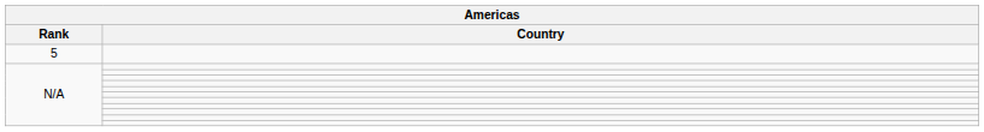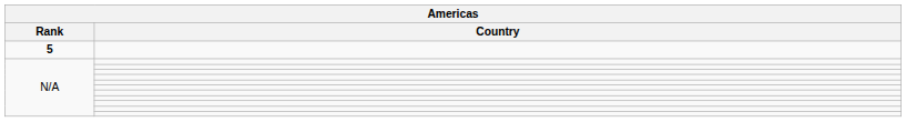 <table class="wikitable sortable" style="text-align: center" width=100%>
 <tr>
 <th colspan=2 align="center">Americas</th>
 </tr>
 <tr>
 <th width=10% align="center">Rank</th>
 <th width=90% align="center">Country</th>
 </tr>
 <tr>
-<td>5</td>
+<td><strong>5</strong></td>
 <td align="left"></td>
 </tr>
 <tr>
 <td rowspan=11>N/A</td>
 <td align="left"></td>
 </tr>
 <tr>
 <td align="left"></td>
 </tr>
 <tr>
 <td align="left"></td>
 </tr>
 <tr>
 <td align="left"></td>
 </tr>
 <tr>
 <td align="left"></td>
 </tr>
 <tr>
 <td align="left"></td>
 </tr>
 <tr>
 <td align="left"></td>
 </tr>
 <tr>
 <td align="left"></td>
 </tr>
 <tr>
 <td align="left"></td>
 </tr>
 <tr>
 <td align="left"></td>
 </tr>
 <tr>
 <td align="left"></td>
 </tr>
 </table>
